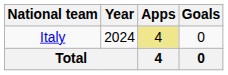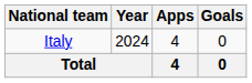 <table class="wikitable" style="text-align:center">
 <tr>
 <th>National team</th>
 <th>Year</th>
 <th>Apps</th>
 <th>Goals</th>
 </tr>
 <tr>
 <td><a href='#'>Italy</a></td>
 <td>2024</td>
-<td style="background: khaki;">4</td>
+<td>4</td>
 <td>0</td>
 </tr>
 <tr>
 <th colspan="2">Total</th>
 <th>4</th>
 <th>0</th>
 </tr>
 </table>
